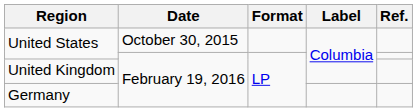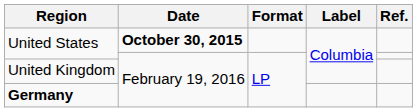 <table class="wikitable">
 <tr>
 <th>Region</th>
 <th>Date</th>
 <th>Format</th>
 <th>Label</th>
 <th>Ref.</th>
 </tr>
 <tr>
 <td rowspan="2">United States</td>
-<td>October 30, 2015</td>
+<td><strong>October 30, 2015</strong></td>
 <td></td>
 <td rowspan="3"><a href='#'>Columbia</a></td>
 <td></td>
 </tr>
 <tr>
 <td rowspan="3">February 19, 2016</td>
 <td rowspan="3"><a href='#'>LP</a></td>
 <td></td>
 </tr>
 <tr>
 <td>United Kingdom</td>
 <td></td>
 </tr>
 <tr>
-<td>Germany</td>
+<td><strong>Germany</strong></td>
 <td></td>
 <td></td>
 </tr>
 </table>
